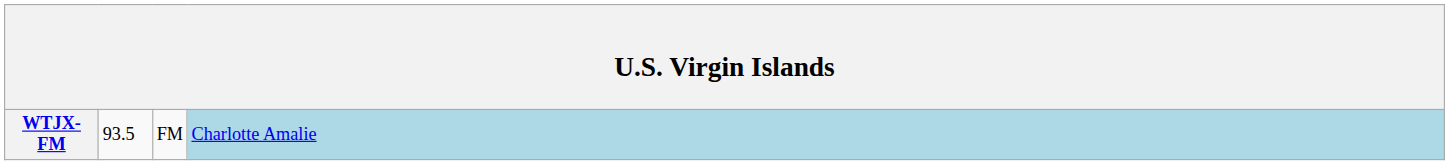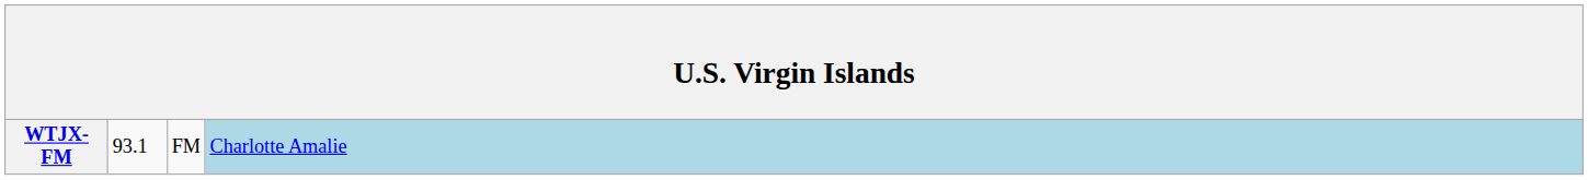 <table class="wikitable mw-collapsible" style="width:100%">
 <tr>
 <th scope="col" colspan="4"><br><h2>U.S. Virgin Islands</h2></th>
 </tr>
 <tr>
 <th scope="row" style="width: 75px;"><a href='#'>WTJX-FM</a></th>
-<td style="width: 40px;">93.5</td>
+<td style="width: 40px;">93.1</td>
 <td style="width: 21px;">FM</td>
 <td style="background: lightblue;"><a href='#'>Charlotte Amalie</a></td>
 </tr>
 </table>
